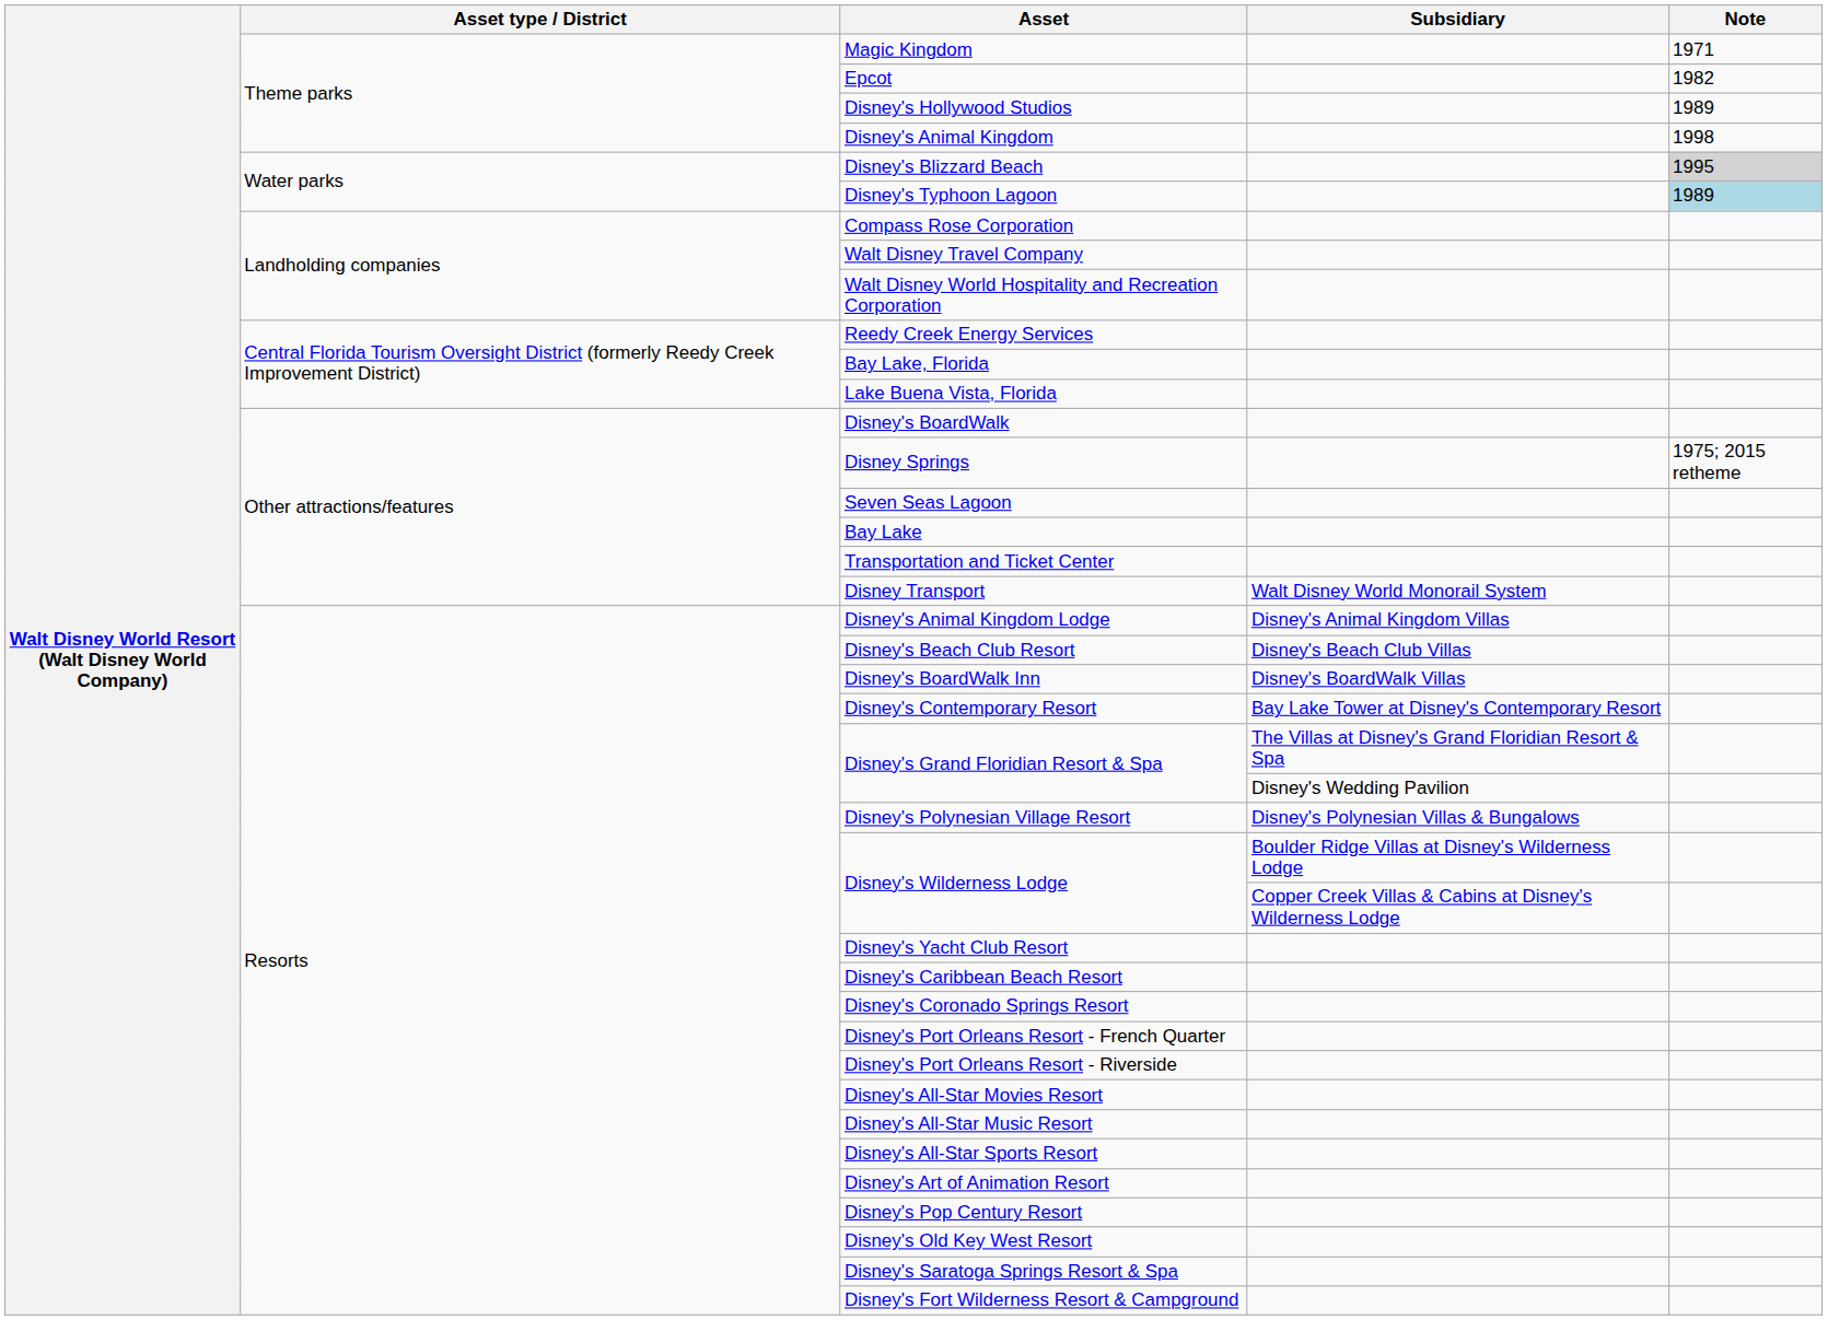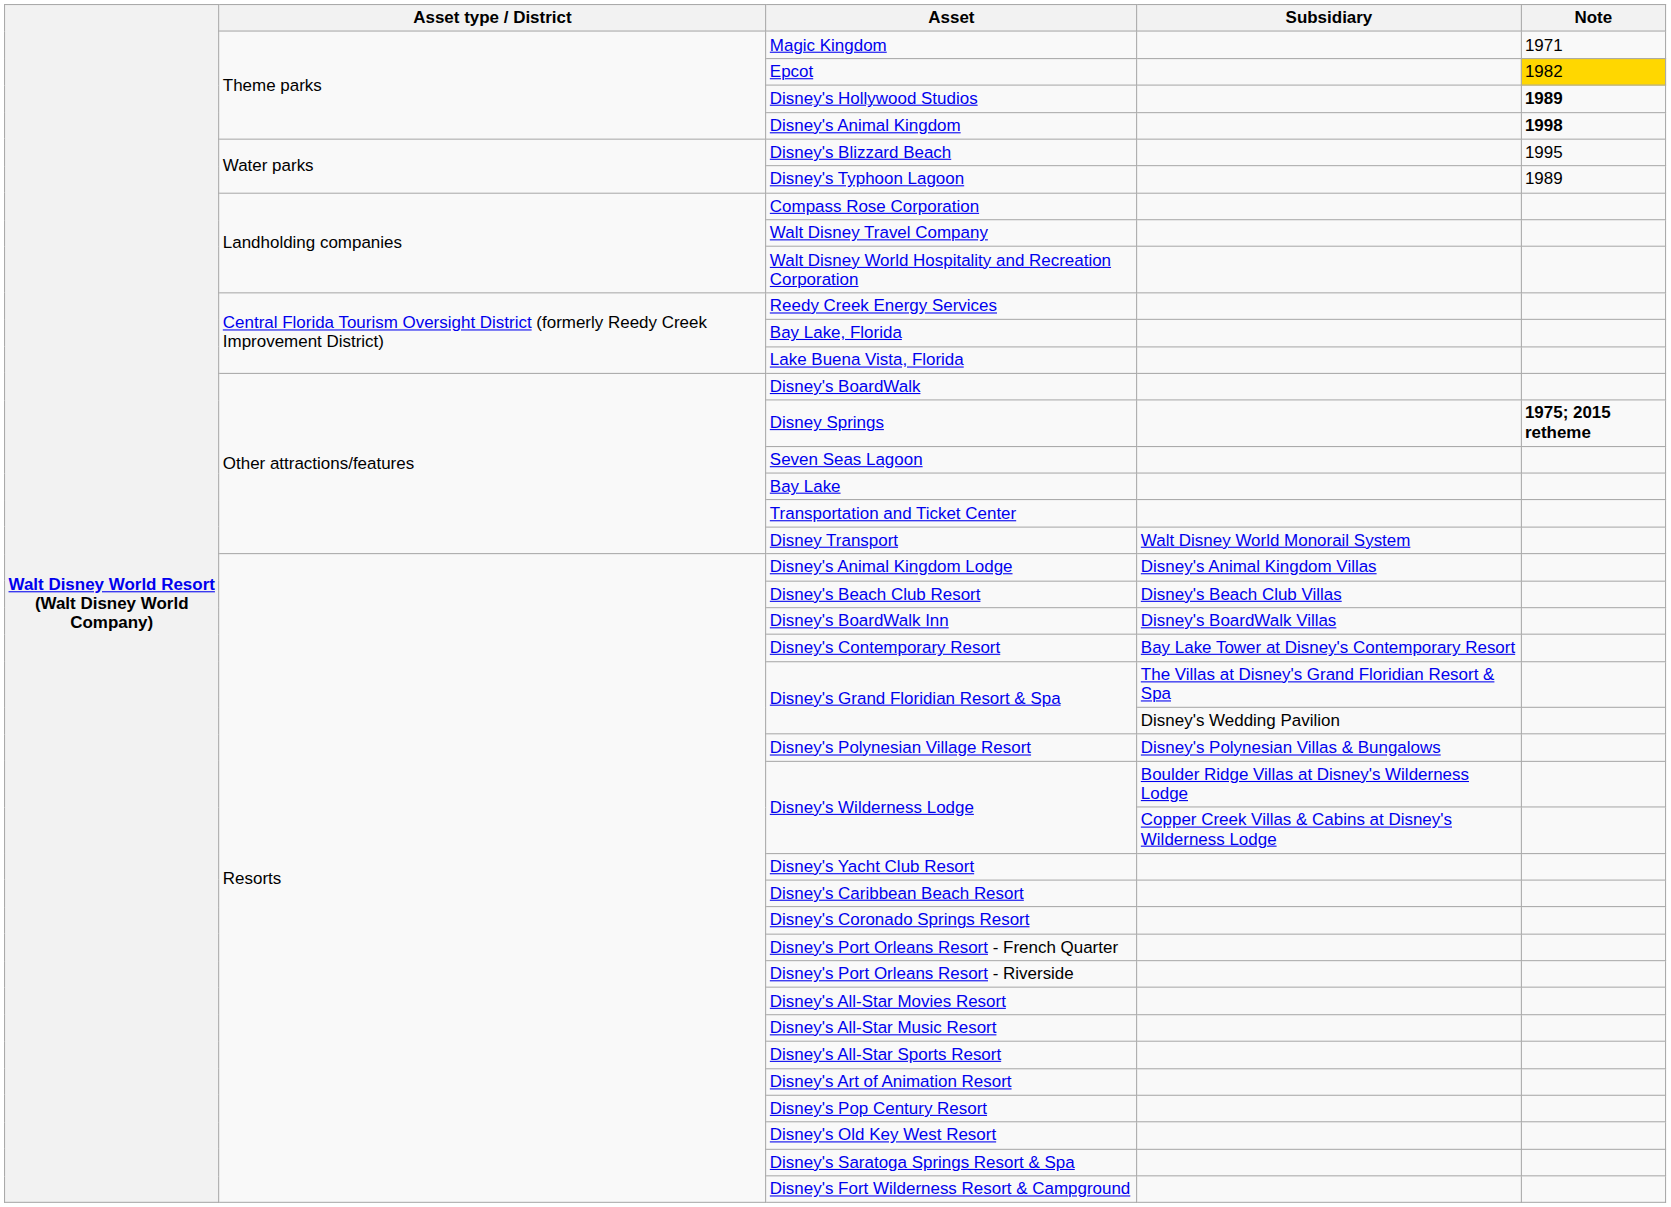 <table class="wikitable">
 <tr>
 <th rowspan="41"><a href='#'>Walt Disney World Resort</a><br>(Walt Disney World Company)</th>
 <th>Asset type / District</th>
 <th>Asset</th>
 <th>Subsidiary</th>
 <th>Note</th>
 </tr>
 <tr>
 <td rowspan="4">Theme parks</td>
 <td><a href='#'>Magic Kingdom</a></td>
 <td></td>
 <td>1971</td>
 </tr>
 <tr>
 <td><a href='#'>Epcot</a></td>
 <td></td>
-<td>1982</td>
+<td style="background: gold;">1982</td>
 </tr>
 <tr>
 <td><a href='#'>Disney's Hollywood Studios</a></td>
 <td></td>
-<td>1989</td>
+<td><strong>1989</strong></td>
 </tr>
 <tr>
 <td><a href='#'>Disney's Animal Kingdom</a></td>
 <td></td>
-<td>1998</td>
+<td><strong>1998</strong></td>
 </tr>
 <tr>
 <td rowspan="2">Water parks</td>
 <td><a href='#'>Disney's Blizzard Beach</a></td>
 <td></td>
-<td style="background: lightgrey;">1995</td>
+<td>1995</td>
 </tr>
 <tr>
 <td><a href='#'>Disney's Typhoon Lagoon</a></td>
 <td></td>
-<td style="background: lightblue;">1989</td>
+<td>1989</td>
 </tr>
 <tr>
 <td rowspan="3">Landholding companies</td>
 <td><a href='#'>Compass Rose Corporation</a></td>
 <td></td>
 <td></td>
 </tr>
 <tr>
 <td><a href='#'>Walt Disney Travel Company</a></td>
 <td></td>
 <td></td>
 </tr>
 <tr>
 <td><a href='#'>Walt Disney World Hospitality and Recreation Corporation</a></td>
 <td></td>
 <td></td>
 </tr>
 <tr>
 <td rowspan="3"><a href='#'>Central Florida Tourism Oversight District</a> (formerly Reedy Creek Improvement District)</td>
 <td><a href='#'>Reedy Creek Energy Services</a></td>
 <td></td>
 <td></td>
 </tr>
 <tr>
 <td><a href='#'>Bay Lake, Florida</a></td>
 <td></td>
 <td></td>
 </tr>
 <tr>
 <td><a href='#'>Lake Buena Vista, Florida</a></td>
 <td></td>
 <td></td>
 </tr>
 <tr>
 <td rowspan="6">Other attractions/features</td>
 <td><a href='#'>Disney's BoardWalk</a></td>
 <td></td>
 <td></td>
 </tr>
 <tr>
 <td><a href='#'>Disney Springs</a></td>
 <td></td>
-<td>1975; 2015 retheme</td>
+<td><strong>1975; 2015 retheme</strong></td>
 </tr>
 <tr>
 <td><a href='#'>Seven Seas Lagoon</a></td>
 <td></td>
 <td></td>
 </tr>
 <tr>
 <td><a href='#'>Bay Lake</a></td>
 <td></td>
 <td></td>
 </tr>
 <tr>
 <td><a href='#'>Transportation and Ticket Center</a></td>
 <td></td>
 <td></td>
 </tr>
 <tr>
 <td><a href='#'>Disney Transport</a></td>
 <td><a href='#'>Walt Disney World Monorail System</a></td>
 <td></td>
 </tr>
 <tr>
 <td rowspan="22">Resorts</td>
 <td><a href='#'>Disney's Animal Kingdom Lodge</a></td>
 <td><a href='#'>Disney's Animal Kingdom Villas</a></td>
 <td></td>
 </tr>
 <tr>
 <td><a href='#'>Disney's Beach Club Resort</a></td>
 <td><a href='#'>Disney's Beach Club Villas</a></td>
 <td></td>
 </tr>
 <tr>
 <td><a href='#'>Disney's BoardWalk Inn</a></td>
 <td><a href='#'>Disney's BoardWalk Villas</a></td>
 <td></td>
 </tr>
 <tr>
 <td><a href='#'>Disney's Contemporary Resort</a></td>
 <td><a href='#'>Bay Lake Tower at Disney's Contemporary Resort</a></td>
 <td></td>
 </tr>
 <tr>
 <td rowspan="2"><a href='#'>Disney's Grand Floridian Resort & Spa</a></td>
 <td><a href='#'>The Villas at Disney's Grand Floridian Resort & Spa</a></td>
 <td></td>
 </tr>
 <tr>
 <td>Disney's Wedding Pavilion</td>
 <td></td>
 </tr>
 <tr>
 <td><a href='#'>Disney's Polynesian Village Resort</a></td>
 <td><a href='#'>Disney's Polynesian Villas & Bungalows</a></td>
 <td></td>
 </tr>
 <tr>
 <td rowspan="2"><a href='#'>Disney's Wilderness Lodge</a></td>
 <td><a href='#'>Boulder Ridge Villas at Disney's Wilderness Lodge</a></td>
 <td></td>
 </tr>
 <tr>
 <td><a href='#'>Copper Creek Villas & Cabins at Disney's Wilderness Lodge</a></td>
 <td></td>
 </tr>
 <tr>
 <td><a href='#'>Disney's Yacht Club Resort</a></td>
 <td></td>
 <td></td>
 </tr>
 <tr>
 <td><a href='#'>Disney's Caribbean Beach Resort</a></td>
 <td></td>
 <td></td>
 </tr>
 <tr>
 <td><a href='#'>Disney's Coronado Springs Resort</a></td>
 <td></td>
 <td></td>
 </tr>
 <tr>
 <td><a href='#'>Disney's Port Orleans Resort</a> - French Quarter</td>
 <td></td>
 <td></td>
 </tr>
 <tr>
 <td><a href='#'>Disney's Port Orleans Resort</a> - Riverside</td>
 <td></td>
 <td></td>
 </tr>
 <tr>
 <td><a href='#'>Disney's All-Star Movies Resort</a></td>
 <td></td>
 <td></td>
 </tr>
 <tr>
 <td><a href='#'>Disney's All-Star Music Resort</a></td>
 <td></td>
 <td></td>
 </tr>
 <tr>
 <td><a href='#'>Disney's All-Star Sports Resort</a></td>
 <td></td>
 <td></td>
 </tr>
 <tr>
 <td><a href='#'>Disney's Art of Animation Resort</a></td>
 <td></td>
 <td></td>
 </tr>
 <tr>
 <td><a href='#'>Disney's Pop Century Resort</a></td>
 <td></td>
 <td></td>
 </tr>
 <tr>
 <td><a href='#'>Disney's Old Key West Resort</a></td>
 <td></td>
 <td></td>
 </tr>
 <tr>
 <td><a href='#'>Disney's Saratoga Springs Resort & Spa</a></td>
 <td></td>
 <td></td>
 </tr>
 <tr>
 <td><a href='#'>Disney's Fort Wilderness Resort & Campground</a></td>
 <td></td>
 <td></td>
 </tr>
 </table>
